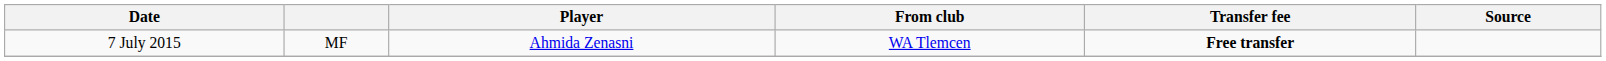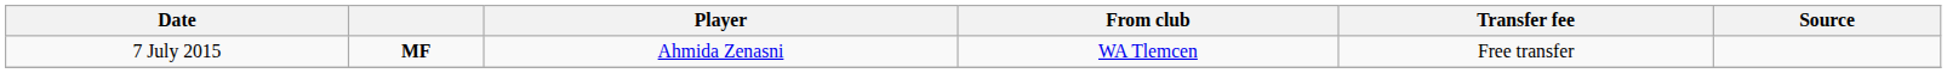 <table class="wikitable sortable" style="width:70%; text-align:center; font-size:85%; text-align:centre;">
 <tr>
 <th>Date</th>
 <th></th>
 <th>Player</th>
 <th>From club</th>
 <th>Transfer fee</th>
 <th>Source</th>
 </tr>
 <tr>
 <td>7 July 2015</td>
-<td>MF</td>
+<td><strong>MF</strong></td>
 <td> <a href='#'>Ahmida Zenasni</a></td>
 <td><a href='#'>WA Tlemcen</a></td>
-<td><strong>Free transfer</strong></td>
+<td>Free transfer</td>
 <td></td>
 </tr>
 <tr>
 </tr>
 </table>
